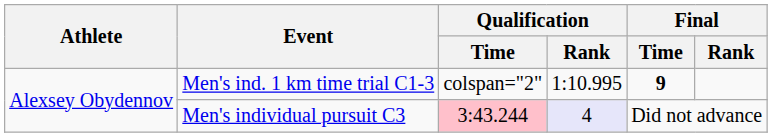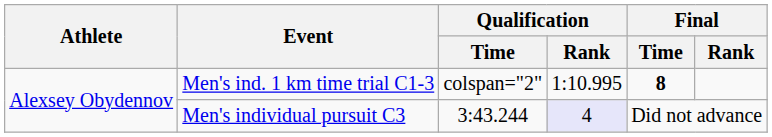 <table class=wikitable>
 <tr>
 <th rowspan="2">Athlete</th>
 <th rowspan="2">Event</th>
 <th colspan="2">Qualification</th>
 <th colspan="2">Final</th>
 </tr>
 <tr>
 <th>Time</th>
 <th>Rank</th>
 <th>Time</th>
 <th>Rank</th>
 </tr>
 <tr>
 <td rowspan=2><a href='#'>Alexsey Obydennov</a></td>
 <td><a href='#'>Men's ind. 1 km time trial C1-3</a></td>
 <td>colspan="2" </td>
 <td align="center">1:10.995</td>
-<td align="center"><strong>9</strong></td>
+<td align="center"><strong>8</strong></td>
 </tr>
 <tr>
 <td><a href='#'>Men's individual pursuit C3</a></td>
-<td align="center" style="background: pink;">3:43.244</td>
+<td align="center">3:43.244</td>
 <td align="center" style="background: lavender;">4</td>
 <td align="center" colspan=2>Did not advance</td>
 </tr>
 </table>
